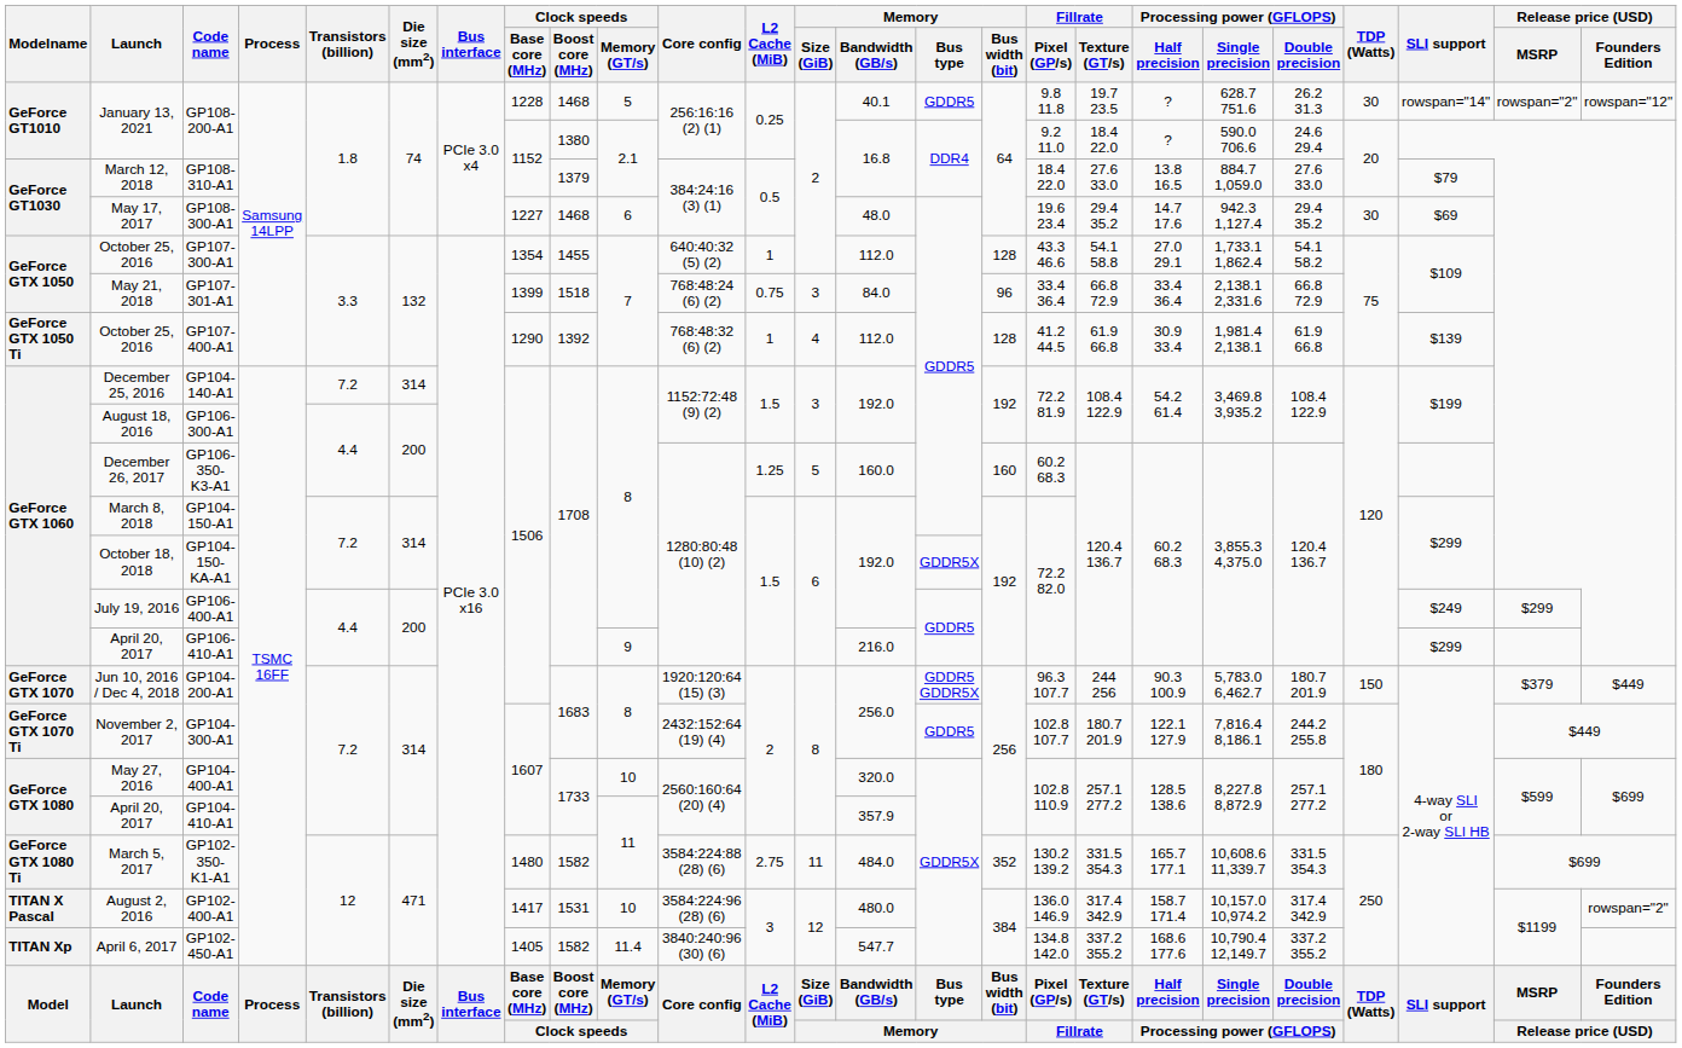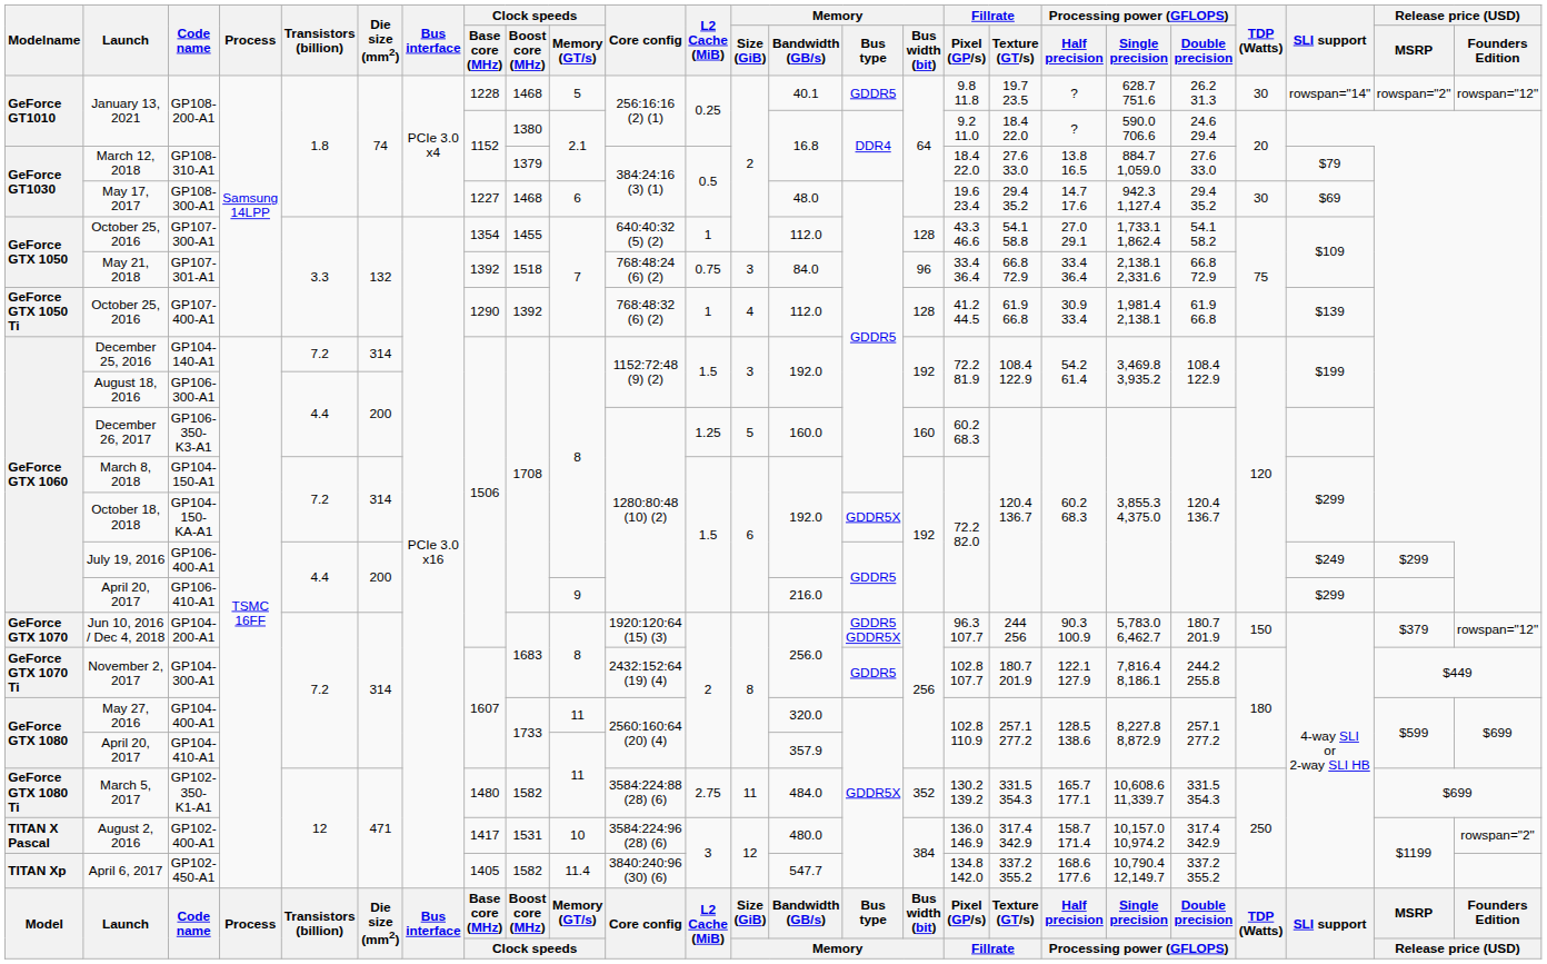 <table class="mw-datatable wikitable sortable sort-under" style="font-size:85%; text-align:center;">
 <tr>
 <th rowspan="2">Modelname</th>
 <th rowspan="2">Launch</th>
 <th rowspan="2"><a href='#'>Code name</a></th>
 <th rowspan="2">Process</th>
 <th rowspan="2">Transistors (billion)</th>
 <th rowspan="2">Die size (mm<sup>2</sup>)</th>
 <th rowspan="2"><a href='#'>Bus</a> <a href='#'>interface</a></th>
 <th colspan="3">Clock speeds</th>
 <th rowspan="2">Core config </th>
 <th rowspan="2"><a href='#'>L2 Cache</a><br>(<a href='#'>MiB</a>)</th>
 <th colspan="4">Memory</th>
 <th colspan="2"><a href='#'>Fillrate</a> </th>
 <th colspan="3">Processing power (<a href='#'>GFLOPS</a>) </th>
 <th rowspan="2"><a href='#'>TDP</a> (Watts)</th>
 <th rowspan="2"><a href='#'>SLI</a> support</th>
 <th colspan="2">Release price (USD)</th>
 </tr>
 <tr>
 <th>Base core (<a href='#'>MHz</a>)</th>
 <th>Boost core (<a href='#'>MHz</a>)</th>
 <th>Memory (<a href='#'>GT/s</a>)</th>
 <th>Size (<a href='#'>GiB</a>)</th>
 <th>Bandwidth (<a href='#'>GB/s</a>)</th>
 <th>Bus type</th>
 <th>Bus width (<a href='#'>bit</a>)</th>
 <th>Pixel (<a href='#'>GP</a>/s) </th>
 <th>Texture (<a href='#'>GT</a>/s) </th>
 <th><a href='#'>Half precision</a></th>
 <th><a href='#'>Single precision</a></th>
 <th><a href='#'>Double precision</a></th>
 <th>MSRP</th>
 <th>Founders Edition</th>
 </tr>
 <tr>
 <th rowspan="2" style="text-align:left;">GeForce GT1010 </th>
 <td rowspan="2">January 13, 2021</td>
 <td rowspan="2">GP108-200-A1</td>
 <td rowspan="7"><a href='#'>Samsung</a><br><a href='#'>14LPP</a></td>
 <td rowspan="4">1.8</td>
 <td rowspan="4">74</td>
 <td rowspan="4">PCIe 3.0 x4</td>
 <td>1228</td>
 <td>1468</td>
 <td>5</td>
 <td rowspan="2">256:16:16 <br>(2) (1)</td>
 <td rowspan="2">0.25</td>
 <td rowspan="5">2</td>
 <td>40.1</td>
 <td><a href='#'>GDDR5</a></td>
 <td rowspan="4">64</td>
 <td>9.8<br>11.8</td>
 <td>19.7<br>23.5</td>
 <td>?</td>
 <td>628.7<br>751.6</td>
 <td>26.2<br>31.3</td>
 <td>30</td>
 <td>rowspan="14" </td>
 <td>rowspan="2" </td>
 <td>rowspan="12" </td>
 </tr>
 <tr>
 <td rowspan="2">1152</td>
 <td>1380</td>
 <td rowspan="2">2.1</td>
 <td rowspan="2">16.8</td>
 <td rowspan="2"><a href='#'>DDR4</a></td>
 <td>9.2<br>11.0</td>
 <td>18.4<br>22.0</td>
 <td>?</td>
 <td>590.0<br>706.6</td>
 <td>24.6<br>29.4</td>
 <td rowspan="2">20</td>
 </tr>
 <tr>
 <th rowspan="2" style="text-align:left;">GeForce GT1030 </th>
 <td>March 12, 2018</td>
 <td>GP108-310-A1</td>
 <td>1379</td>
 <td rowspan="2">384:24:16 <br>(3) (1)</td>
 <td rowspan="2">0.5</td>
 <td>18.4<br>22.0</td>
 <td>27.6<br>33.0</td>
 <td>13.8<br>16.5</td>
 <td>884.7<br>1,059.0</td>
 <td>27.6<br>33.0</td>
 <td>$79</td>
 </tr>
 <tr>
 <td>May 17, 2017</td>
 <td>GP108-300-A1</td>
 <td>1227</td>
 <td>1468</td>
 <td>6</td>
 <td>48.0</td>
 <td rowspan="8"><a href='#'>GDDR5</a></td>
 <td>19.6<br>23.4</td>
 <td>29.4<br>35.2</td>
 <td>14.7<br>17.6</td>
 <td>942.3<br>1,127.4</td>
 <td>29.4<br>35.2</td>
 <td>30</td>
 <td>$69</td>
 </tr>
 <tr>
 <th rowspan="2" style="text-align:left;">GeForce GTX 1050 </th>
 <td>October 25, 2016</td>
 <td>GP107-300-A1</td>
 <td rowspan="3">3.3</td>
 <td rowspan="3">132</td>
 <td rowspan="17">PCIe 3.0 x16</td>
 <td>1354</td>
 <td>1455</td>
 <td rowspan="3">7</td>
 <td>640:40:32<br>(5) (2)</td>
 <td>1</td>
 <td>112.0</td>
 <td>128</td>
 <td>43.3<br>46.6</td>
 <td>54.1<br>58.8</td>
 <td>27.0<br>29.1</td>
 <td>1,733.1<br>1,862.4</td>
 <td>54.1<br>58.2</td>
 <td rowspan="3">75</td>
 <td rowspan="2">$109</td>
 </tr>
 <tr>
 <td>May 21, 2018</td>
 <td>GP107-301-A1</td>
-<td>1399</td>
+<td>1392</td>
 <td>1518</td>
 <td>768:48:24 <br>(6) (2)</td>
 <td>0.75</td>
 <td>3</td>
 <td>84.0</td>
 <td>96</td>
 <td>33.4<br>36.4</td>
 <td>66.8<br>72.9</td>
 <td>33.4<br>36.4</td>
 <td>2,138.1<br>2,331.6</td>
 <td>66.8<br>72.9</td>
 </tr>
 <tr>
 <th style="text-align:left;">GeForce GTX 1050 Ti </th>
 <td>October 25, 2016</td>
 <td>GP107-400-A1</td>
 <td>1290</td>
 <td>1392</td>
 <td>768:48:32 <br>(6) (2)</td>
 <td>1</td>
 <td>4</td>
 <td>112.0</td>
 <td>128</td>
 <td>41.2<br>44.5</td>
 <td>61.9<br>66.8</td>
 <td>30.9<br>33.4</td>
 <td>1,981.4<br>2,138.1</td>
 <td>61.9<br>66.8</td>
 <td>$139</td>
 </tr>
 <tr>
 <th rowspan="7" style="text-align:left;">GeForce GTX 1060 <br></th>
 <td>December 25, 2016</td>
 <td>GP104-140-A1</td>
 <td rowspan="14"><a href='#'>TSMC</a><br><a href='#'>16FF</a></td>
 <td>7.2</td>
 <td>314</td>
 <td rowspan="8">1506</td>
 <td rowspan="7">1708</td>
 <td rowspan="6">8</td>
 <td rowspan="2">1152:72:48 <br>(9) (2)</td>
 <td rowspan="2">1.5</td>
 <td rowspan="2">3</td>
 <td rowspan="2">192.0</td>
 <td rowspan="2">192</td>
 <td rowspan="2">72.2<br>81.9</td>
 <td rowspan="2">108.4<br>122.9</td>
 <td rowspan="2">54.2<br>61.4</td>
 <td rowspan="2">3,469.8<br>3,935.2</td>
 <td rowspan="2">108.4<br>122.9</td>
 <td rowspan="7">120</td>
 <td rowspan="2">$199</td>
 </tr>
 <tr>
 <td>August 18, 2016</td>
 <td>GP106-300-A1</td>
 <td rowspan="2">4.4</td>
 <td rowspan="2">200</td>
 </tr>
 <tr>
 <td>December 26, 2017</td>
 <td>GP106-350-K3-A1</td>
 <td rowspan="5">1280:80:48<br>(10) (2)</td>
 <td>1.25</td>
 <td>5</td>
 <td>160.0</td>
 <td>160</td>
 <td>60.2<br>68.3</td>
 <td rowspan="5">120.4<br>136.7</td>
 <td rowspan="5">60.2<br>68.3</td>
 <td rowspan="5">3,855.3<br>4,375.0</td>
 <td rowspan="5">120.4<br>136.7</td>
 <td></td>
 </tr>
 <tr>
 <td>March 8, 2018</td>
 <td>GP104-150-A1</td>
 <td rowspan="2">7.2</td>
 <td rowspan="2">314</td>
 <td rowspan="4">1.5</td>
 <td rowspan="4">6</td>
 <td rowspan="3">192.0</td>
 <td rowspan="4">192</td>
 <td rowspan="4">72.2<br>82.0</td>
 <td rowspan="2">$299</td>
 </tr>
 <tr>
 <td>October 18, 2018</td>
 <td>GP104-150-KA-A1</td>
 <td><a href='#'>GDDR5X</a></td>
 </tr>
 <tr>
 <td>July 19, 2016</td>
 <td>GP106-400-A1</td>
 <td rowspan="2">4.4</td>
 <td rowspan="2">200</td>
 <td rowspan="2"><a href='#'>GDDR5</a></td>
 <td>$249</td>
 <td>$299</td>
 </tr>
 <tr>
 <td>April 20, 2017</td>
 <td>GP106-410-A1</td>
 <td>9</td>
 <td>216.0</td>
 <td>$299</td>
 <td></td>
 </tr>
 <tr>
 <th style="text-align:left;">GeForce GTX 1070 </th>
 <td>Jun 10, 2016 / Dec 4, 2018</td>
 <td>GP104-200-A1</td>
 <td rowspan="4">7.2</td>
 <td rowspan="4">314</td>
 <td rowspan="2">1683</td>
 <td rowspan="2">8</td>
 <td>1920:120:64 <br>(15) (3)</td>
 <td rowspan="4">2</td>
 <td rowspan="4">8</td>
 <td rowspan="2">256.0</td>
 <td><a href='#'>GDDR5</a><br><a href='#'>GDDR5X</a></td>
 <td rowspan="4">256</td>
 <td>96.3<br>107.7</td>
 <td>244<br>256</td>
 <td>90.3<br>100.9</td>
 <td>5,783.0<br>6,462.7</td>
 <td>180.7<br>201.9</td>
 <td>150</td>
 <td rowspan="7">4-way <a href='#'>SLI</a><br>or<br>2-way <a href='#'>SLI HB</a></td>
 <td>$379</td>
-<td>$449</td>
+<td>rowspan="12" </td>
 </tr>
 <tr>
 <th style="text-align:left;">GeForce GTX 1070 Ti </th>
 <td>November 2, 2017</td>
 <td>GP104-300-A1</td>
 <td rowspan="3">1607</td>
 <td>2432:152:64 <br>(19) (4)</td>
 <td><a href='#'>GDDR5</a></td>
 <td>102.8<br>107.7</td>
 <td>180.7<br>201.9</td>
 <td>122.1<br>127.9</td>
 <td>7,816.4<br>8,186.1</td>
 <td>244.2<br>255.8</td>
 <td rowspan="3">180</td>
 <td colspan="2">$449</td>
 </tr>
 <tr>
 <th rowspan="2" style="text-align:left;">GeForce GTX 1080 </th>
 <td>May 27, 2016</td>
 <td>GP104-400-A1</td>
 <td rowspan="2">1733</td>
-<td>10</td>
+<td>11</td>
 <td rowspan="2">2560:160:64 <br>(20) (4)</td>
 <td>320.0</td>
 <td rowspan="5"><a href='#'>GDDR5X</a></td>
 <td rowspan="2">102.8<br>110.9</td>
 <td rowspan="2">257.1<br>277.2</td>
 <td rowspan="2">128.5<br>138.6</td>
 <td rowspan="2">8,227.8<br>8,872.9</td>
 <td rowspan="2">257.1<br>277.2</td>
 <td rowspan="2">$599</td>
 <td rowspan="2">$699</td>
 </tr>
 <tr>
 <td>April 20, 2017</td>
 <td>GP104-410-A1</td>
 <td rowspan="2">11</td>
 <td>357.9</td>
 </tr>
 <tr>
 <th style="text-align:left;">GeForce GTX 1080 Ti </th>
 <td>March 5, 2017</td>
 <td>GP102-350-K1-A1</td>
 <td rowspan="3">12</td>
 <td rowspan="3">471</td>
 <td>1480</td>
 <td>1582</td>
 <td>3584:224:88 <br>(28) (6)</td>
 <td>2.75</td>
 <td>11</td>
 <td>484.0</td>
 <td>352</td>
 <td>130.2<br>139.2</td>
 <td>331.5<br>354.3</td>
 <td>165.7<br>177.1</td>
 <td>10,608.6<br>11,339.7</td>
 <td>331.5<br>354.3</td>
 <td rowspan="3">250</td>
 <td colspan="2">$699</td>
 </tr>
 <tr>
 <th style="text-align:left;">TITAN X Pascal </th>
 <td>August 2, 2016</td>
 <td>GP102-400-A1</td>
 <td>1417</td>
 <td>1531</td>
 <td>10</td>
 <td>3584:224:96 <br>(28) (6)</td>
 <td rowspan="2">3</td>
 <td rowspan="2">12</td>
 <td>480.0</td>
 <td rowspan="2">384</td>
 <td>136.0<br>146.9</td>
 <td>317.4<br>342.9</td>
 <td>158.7<br>171.4</td>
 <td>10,157.0<br>10,974.2</td>
 <td>317.4<br>342.9</td>
 <td rowspan="2">$1199</td>
 <td>rowspan="2" </td>
 </tr>
 <tr>
 <th style="text-align:left;">TITAN Xp </th>
 <td>April 6, 2017</td>
 <td>GP102-450-A1</td>
 <td>1405</td>
 <td>1582</td>
 <td>11.4</td>
 <td>3840:240:96<br>(30) (6)</td>
 <td>547.7</td>
 <td>134.8<br>142.0</td>
 <td>337.2<br>355.2</td>
 <td>168.6<br>177.6</td>
 <td>10,790.4<br>12,149.7</td>
 <td>337.2<br>355.2</td>
 </tr>
 <tr>
 <th rowspan="2">Model</th>
 <th rowspan="2">Launch</th>
 <th rowspan="2"><a href='#'>Code name</a></th>
 <th rowspan="2">Process</th>
 <th rowspan="2">Transistors (billion)</th>
 <th rowspan="2">Die size (mm<sup>2</sup>)</th>
 <th rowspan="2"><a href='#'>Bus</a> <a href='#'>interface</a></th>
 <th>Base core (<a href='#'>MHz</a>)</th>
 <th>Boost core (<a href='#'>MHz</a>)</th>
 <th>Memory (<a href='#'>GT/s</a>)</th>
 <th rowspan="2">Core config </th>
 <th rowspan="2"><a href='#'>L2 Cache</a><br>(<a href='#'>MiB</a>)</th>
 <th>Size (<a href='#'>GiB</a>)</th>
 <th>Bandwidth (<a href='#'>GB/s</a>)</th>
 <th>Bus type</th>
 <th>Bus width (<a href='#'>bit</a>)</th>
 <th>Pixel (<a href='#'>GP</a>/s) </th>
 <th>Texture (<a href='#'>GT</a>/s) </th>
 <th><a href='#'>Half precision</a></th>
 <th><a href='#'>Single precision</a></th>
 <th><a href='#'>Double precision</a></th>
 <th rowspan="2"><a href='#'>TDP</a> (Watts)</th>
 <th rowspan="2"><a href='#'>SLI</a> support</th>
 <th>MSRP</th>
 <th>Founders Edition</th>
 </tr>
 <tr>
 <th colspan="3">Clock speeds</th>
 <th colspan="4">Memory</th>
 <th colspan="2"><a href='#'>Fillrate</a> </th>
 <th colspan="3">Processing power (<a href='#'>GFLOPS</a>) </th>
 <th colspan="2">Release price (USD)</th>
 </tr>
 </table>
